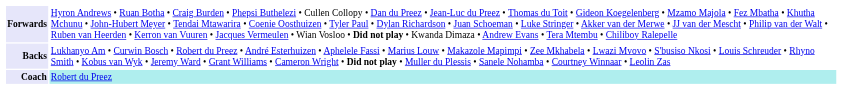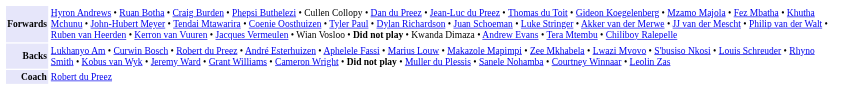 <table cellpadding="2" style="border: 1px solid white; font-size:90%;">
 <tr>
 <td style="text-align:right;" bgcolor="lavender"><strong>Forwards</strong></td>
 <td style="text-align:left;"><a href='#'>Hyron Andrews</a> • <a href='#'>Ruan Botha</a> • <a href='#'>Craig Burden</a> • <a href='#'>Phepsi Buthelezi</a> • Cullen Collopy • <a href='#'>Dan du Preez</a> • <a href='#'>Jean-Luc du Preez</a> • <a href='#'>Thomas du Toit</a> • <a href='#'>Gideon Koegelenberg</a> • <a href='#'>Mzamo Majola</a> • <a href='#'>Fez Mbatha</a> • <a href='#'>Khutha Mchunu</a> • <a href='#'>John-Hubert Meyer</a> • <a href='#'>Tendai Mtawarira</a> • <a href='#'>Coenie Oosthuizen</a> • <a href='#'>Tyler Paul</a> • <a href='#'>Dylan Richardson</a> • <a href='#'>Juan Schoeman</a> • <a href='#'>Luke Stringer</a> • <a href='#'>Akker van der Merwe</a> • <a href='#'>JJ van der Mescht</a> • <a href='#'>Philip van der Walt</a> • <a href='#'>Ruben van Heerden</a> • <a href='#'>Kerron van Vuuren</a> • <a href='#'>Jacques Vermeulen</a> • Wian Vosloo • <strong>Did not play</strong> • Kwanda Dimaza • <a href='#'>Andrew Evans</a> • <a href='#'>Tera Mtembu</a> • <a href='#'>Chiliboy Ralepelle</a></td>
 </tr>
 <tr>
 <td style="text-align:right;" bgcolor="lavender"><strong>Backs</strong></td>
 <td style="text-align:left;"><a href='#'>Lukhanyo Am</a> • <a href='#'>Curwin Bosch</a> • <a href='#'>Robert du Preez</a> • <a href='#'>André Esterhuizen</a> • <a href='#'>Aphelele Fassi</a> • <a href='#'>Marius Louw</a> • <a href='#'>Makazole Mapimpi</a> • <a href='#'>Zee Mkhabela</a> • <a href='#'>Lwazi Mvovo</a> • <a href='#'>S'busiso Nkosi</a> • <a href='#'>Louis Schreuder</a> • <a href='#'>Rhyno Smith</a> • <a href='#'>Kobus van Wyk</a> • <a href='#'>Jeremy Ward</a> • <a href='#'>Grant Williams</a> • <a href='#'>Cameron Wright</a> • <strong>Did not play</strong> • <a href='#'>Muller du Plessis</a> • <a href='#'>Sanele Nohamba</a> • <a href='#'>Courtney Winnaar</a> • <a href='#'>Leolin Zas</a></td>
 </tr>
 <tr>
 <td style="text-align:right;" bgcolor="lavender"><strong>Coach</strong></td>
-<td style="background: paleturquoise; text-align:left;"><a href='#'>Robert du Preez</a></td>
+<td style="text-align:left;"><a href='#'>Robert du Preez</a></td>
 </tr>
 </table>
